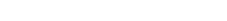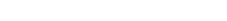 <table style="text-align:center;color:#ffffff;font-size:0.8em;" cellpadding="1">
 <tr>
 <td><a href='#'></a></td>
 <td><a href='#'></a></td>
 <td><a href='#'></a></td>
 <td><a href='#'></a></td>
 <td><a href='#'></a></td>
 <td><a href='#'></a></td>
 <td><a href='#'></a></td>
 <td><a href='#'></a></td>
 <td><a href='#'></a></td>
 <td><a href='#'></a></td>
 <td></td>
 <td><a href='#'></a></td>
 <td><a href='#'></a></td>
 <td><a href='#'></a></td>
 <td><a href='#'></a></td>
 <td><a href='#'></a></td>
 <td><a href='#'></a></td>
 <td><a href='#'></a></td>
 <td><a href='#'></a></td>
 <td><a href='#'></a></td>
 <td><a href='#'></a></td>
 </tr>
 <tr>
 <td><a href='#'></a></td>
 <td><a href='#'></a></td>
 <td><a href='#'></a></td>
 <td><a href='#'></a></td>
 <td><em><a href='#'></a></em></td>
 <td><a href='#'></a></td>
 <td><a href='#'></a></td>
 <td><a href='#'></a></td>
 <td><a href='#'></a></td>
 <td><a href='#'></a></td>
 <td></td>
 <td><a href='#'></a></td>
 <td><a href='#'></a></td>
 <td><a href='#'></a></td>
 <td><a href='#'></a></td>
 <td><a href='#'></a></td>
 <td><a href='#'></a></td>
 <td><a href='#'></a></td>
 <td><a href='#'></a></td>
 <td><a href='#'></a></td>
 <td></td>
 <td></td>
 </tr>
 <tr>
 <td></td>
 </tr>
 <tr>
 <td><a href='#'></a></td>
 </tr>
 <tr>
 <td></td>
 </tr>
 <tr>
 <td><a href='#'></a></td>
-<td>Vacant</td>
+<td><strong>Vacant</strong></td>
 <td><a href='#'></a></td>
 <td><a href='#'></a></td>
 <td><strong><em><a href='#'></a></em></strong></td>
 <td><a href='#'></a></td>
 <td><a href='#'></a></td>
 <td><a href='#'></a></td>
 <td><a href='#'></a></td>
 <td><a href='#'></a></td>
 <td></td>
 <td><a href='#'></a></td>
 <td><a href='#'></a></td>
 <td><a href='#'></a></td>
 <td><a href='#'></a></td>
 <td><a href='#'></a></td>
 <td><a href='#'></a></td>
 <td><a href='#'></a></td>
 <td><a href='#'></a></td>
 <td>Vacant</td>
 <td></td>
 </tr>
 <tr>
 <td><a href='#'></a></td>
 <td><a href='#'></a></td>
 <td><a href='#'></a></td>
 <td><a href='#'></a></td>
 <td><a href='#'></a></td>
 <td><a href='#'></a></td>
 <td><a href='#'></a></td>
 <td><a href='#'></a></td>
 <td><a href='#'></a></td>
 <td><a href='#'></a></td>
 <td></td>
 <td><a href='#'></a></td>
 <td><a href='#'></a></td>
 <td><a href='#'></a></td>
 <td><a href='#'></a></td>
 <td><a href='#'></a></td>
 <td><a href='#'></a></td>
 <td><a href='#'></a></td>
 <td><a href='#'></a></td>
 <td><a href='#'></a></td>
 <td></td>
 </tr>
 </table>
